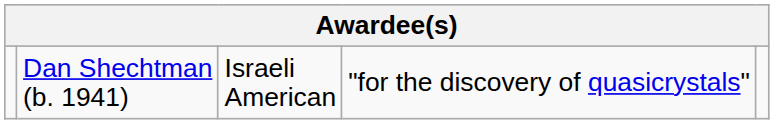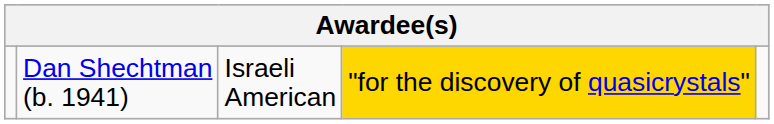 <table class="wikitable">
 <tr>
 <th colspan="5">Awardee(s)</th>
 </tr>
 <tr>
 <td></td>
 <td><a href='#'>Dan Shechtman</a><br>(b. 1941)</td>
 <td> Israeli<br> American</td>
-<td>"for the discovery of <a href='#'>quasicrystals</a>"</td>
+<td style="background: gold;">"for the discovery of <a href='#'>quasicrystals</a>"</td>
 <td></td>
 </tr>
 </table>
